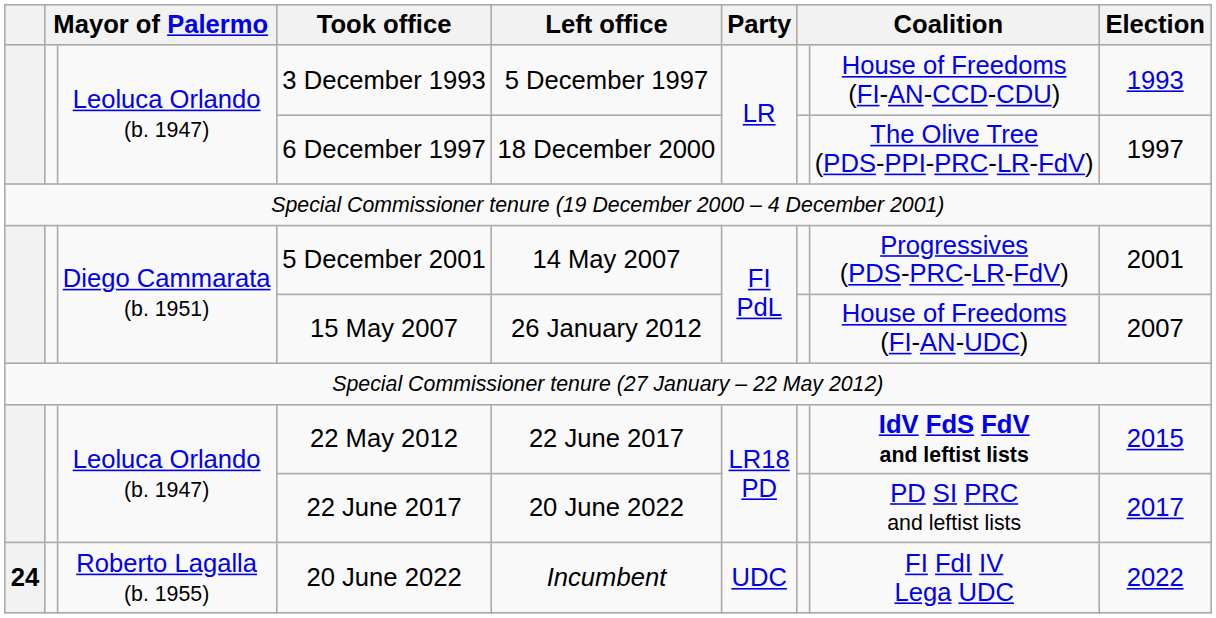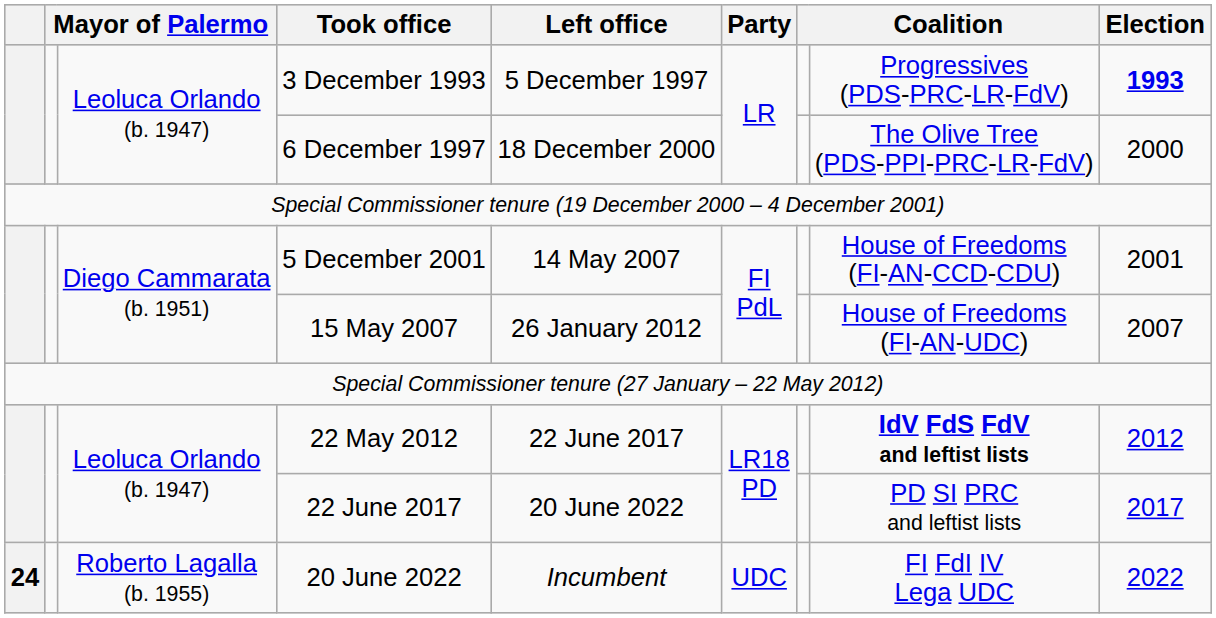 <table class="wikitable" style="text-align: center;">
 <tr>
 <th><br></th>
 <th colspan="2">Mayor of <a href='#'>Palermo</a></th>
 <th>Took office</th>
 <th>Left office</th>
 <th>Party</th>
 <th colspan="2">Coalition</th>
 <th>Election</th>
 </tr>
 <tr>
 <th rowspan="2" style="background: "><strong><small></small></strong></th>
 <td rowspan="2"></td>
 <td rowspan="2"><a href='#'>Leoluca Orlando</a><br><small>(b. 1947)</small></td>
 <td>3 December 1993</td>
 <td>5 December 1997</td>
 <td rowspan="2"><a href='#'>LR</a></td>
 <td style="background: "></td>
-<td><a href='#'>House of Freedoms</a><br>(<a href='#'>FI</a>-<a href='#'>AN</a>-<a href='#'>CCD</a>-<a href='#'>CDU</a>)</td>
-<td><a href='#'>1993</a></td>
+<td><a href='#'>Progressives</a><br>(<a href='#'>PDS</a>-<a href='#'>PRC</a>-<a href='#'>LR</a>-<a href='#'>FdV</a>)</td>
+<td><strong><a href='#'>1993</a></strong></td>
 </tr>
 <tr>
 <td>6 December 1997</td>
 <td>18 December 2000</td>
 <td style="background: "></td>
 <td><a href='#'>The Olive Tree</a><br>(<a href='#'>PDS</a>-<a href='#'>PPI</a>-<a href='#'>PRC</a>-<a href='#'>LR</a>-<a href='#'>FdV</a>)</td>
-<td>1997</td>
+<td>2000</td>
 </tr>
 <tr>
 <td colspan="10"><small><em>Special Commissioner tenure (19 December 2000 – 4 December 2001)</em></small></td>
 </tr>
 <tr>
 <th rowspan="2" style="background: "><strong></strong></th>
 <td rowspan="2"></td>
 <td rowspan="2"><a href='#'>Diego Cammarata</a><br><small>(b. 1951)</small></td>
 <td>5 December 2001</td>
 <td>14 May 2007</td>
 <td rowspan="2"><a href='#'>FI</a> <br> <a href='#'>PdL</a></td>
 <td style="background: "></td>
-<td><a href='#'>Progressives</a><br>(<a href='#'>PDS</a>-<a href='#'>PRC</a>-<a href='#'>LR</a>-<a href='#'>FdV</a>)</td>
+<td><a href='#'>House of Freedoms</a><br>(<a href='#'>FI</a>-<a href='#'>AN</a>-<a href='#'>CCD</a>-<a href='#'>CDU</a>)</td>
 <td>2001</td>
 </tr>
 <tr>
 <td>15 May 2007</td>
 <td>26 January 2012</td>
 <td style="background: "></td>
 <td><a href='#'>House of Freedoms</a><br>(<a href='#'>FI</a>-<a href='#'>AN</a>-<a href='#'>UDC</a>)</td>
 <td>2007</td>
 </tr>
 <tr>
 <td colspan="10"><small><em>Special Commissioner tenure (27 January – 22 May 2012)</em></small></td>
 </tr>
 <tr>
 <th rowspan="2" style="background: "><strong><small></small></strong></th>
 <td rowspan="2"></td>
 <td rowspan="2"><a href='#'>Leoluca Orlando</a><br><small>(b. 1947)</small></td>
 <td>22 May 2012</td>
 <td>22 June 2017</td>
 <td rowspan="2"><a href='#'>LR18</a> <br> <a href='#'>PD</a></td>
 <td style="background: "></td>
 <td><strong><a href='#'>IdV</a>  <a href='#'>FdS</a>  <a href='#'>FdV</a><br><small>and leftist lists</small></strong></td>
-<td><a href='#'>2015</a></td>
+<td><a href='#'>2012</a></td>
 </tr>
 <tr>
 <td>22 June 2017</td>
 <td>20 June 2022</td>
 <td style="background: "></td>
 <td><a href='#'>PD</a>  <a href='#'>SI</a>  <a href='#'>PRC</a><br><small>and leftist lists</small></td>
 <td><a href='#'>2017</a></td>
 </tr>
 <tr>
 <th style="background: "><strong>24</strong></th>
 <td></td>
 <td><a href='#'>Roberto Lagalla</a><br><small>(b. 1955)</small></td>
 <td>20 June 2022</td>
 <td><em>Incumbent</em></td>
 <td><a href='#'>UDC</a></td>
 <td style="background: "></td>
 <td><a href='#'>FI</a>  <a href='#'>FdI</a>  <a href='#'>IV</a> <br> <a href='#'>Lega</a>  <a href='#'>UDC</a></td>
 <td><a href='#'>2022</a></td>
 </tr>
 </table>
